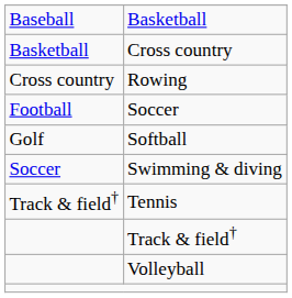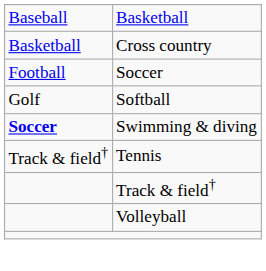 <table class="wikitable" style= " ">
 <tr>
 </tr>
 <tr>
 <td><a href='#'>Baseball</a></td>
 <td><a href='#'>Basketball</a></td>
 </tr>
 <tr>
 <td><a href='#'>Basketball</a></td>
 <td>Cross country</td>
 </tr>
 <tr>
-<td>Cross country</td>
-<td>Rowing</td>
-</tr>
-<tr>
 <td><a href='#'>Football</a></td>
 <td>Soccer</td>
 </tr>
 <tr>
 <td>Golf</td>
 <td>Softball</td>
 </tr>
 <tr>
-<td><a href='#'>Soccer</a></td>
+<td><strong><a href='#'>Soccer</a></strong></td>
 <td>Swimming & diving</td>
 </tr>
 <tr>
 <td>Track & field<sup>†</sup></td>
 <td>Tennis</td>
 </tr>
 <tr>
 <td></td>
 <td>Track & field<sup>†</sup></td>
 </tr>
 <tr>
 <td></td>
 <td>Volleyball</td>
 </tr>
 <tr>
 <td colspan="2"></td>
 </tr>
 </table>
